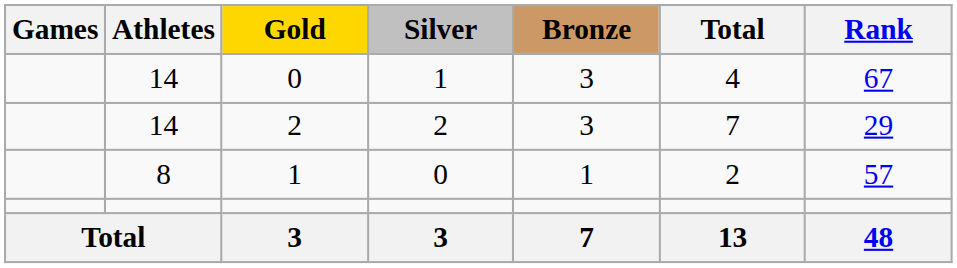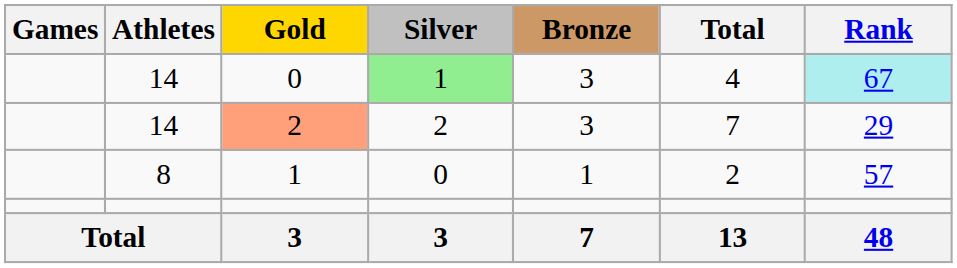 <table class="wikitable sortable" style="text-align:center; font-size:90%;">
 <tr>
 <th>Games</th>
 <th>Athletes</th>
 <th style="background:gold; width:4.5em; font-weight:bold;">Gold</th>
 <th style="background:silver; width:4.5em; font-weight:bold;">Silver</th>
 <th style="background:#cc9966; width:4.5em; font-weight:bold;">Bronze</th>
 <th style="width:4.5em; font-weight:bold;">Total</th>
 <th style="width:4.5em; font-weight:bold;"><a href='#'>Rank</a></th>
 </tr>
 <tr>
 <td align=left></td>
 <td>14</td>
 <td>0</td>
-<td>1</td>
+<td style="background: lightgreen;">1</td>
 <td>3</td>
 <td>4</td>
-<td><a href='#'>67</a></td>
+<td style="background: paleturquoise;"><a href='#'>67</a></td>
 </tr>
 <tr>
 <td align=left></td>
 <td>14</td>
-<td>2</td>
+<td style="background: lightsalmon;">2</td>
 <td>2</td>
 <td>3</td>
 <td>7</td>
 <td><a href='#'>29</a></td>
 </tr>
 <tr>
 <td align=left></td>
 <td>8</td>
 <td>1</td>
 <td>0</td>
 <td>1</td>
 <td>2</td>
 <td><a href='#'>57</a></td>
 </tr>
 <tr>
 <td align=left><em></em></td>
 <td></td>
 <td></td>
 <td></td>
 <td></td>
 <td></td>
 <td></td>
 </tr>
 <tr>
 <th colspan=2>Total</th>
 <th>3</th>
 <th>3</th>
 <th>7</th>
 <th>13</th>
 <th><a href='#'>48</a></th>
 </tr>
 </table>
